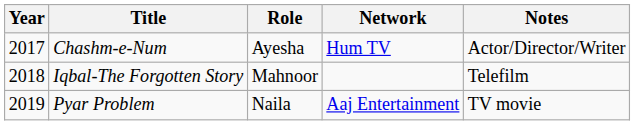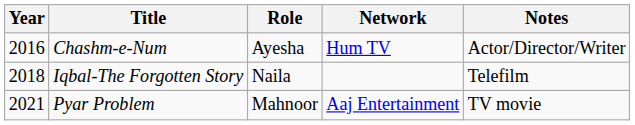 <table class="wikitable">
 <tr>
 <th>Year</th>
 <th>Title</th>
 <th>Role</th>
 <th>Network</th>
 <th>Notes</th>
 </tr>
 <tr>
-<td>2017</td>
+<td>2016</td>
 <td><em>Chashm-e-Num</em></td>
 <td>Ayesha</td>
 <td><a href='#'>Hum TV</a></td>
 <td>Actor/Director/Writer</td>
 </tr>
 <tr>
 <td>2018</td>
 <td><em>Iqbal-The Forgotten Story</em></td>
-<td>Mahnoor</td>
+<td>Naila</td>
 <td></td>
 <td>Telefilm</td>
 </tr>
 <tr>
-<td>2019</td>
+<td>2021</td>
 <td><em>Pyar Problem</em></td>
-<td>Naila</td>
+<td>Mahnoor</td>
 <td><a href='#'>Aaj Entertainment</a></td>
 <td>TV movie</td>
 </tr>
 </table>
